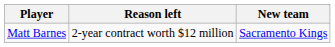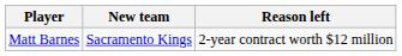 <table class="wikitable sortable sortable" style="text-align: center">
 <tr>
 <th>Player</th>
+<th>New team</th>
 <th>Reason left</th>
-<th>New team</th>
 </tr>
 <tr style="text-align: center">
 <td><a href='#'>Matt Barnes</a></td>
+<td><a href='#'>Sacramento Kings</a></td>
 <td>2-year contract worth $12 million</td>
-<td><a href='#'>Sacramento Kings</a></td>
 </tr>
 </table>
